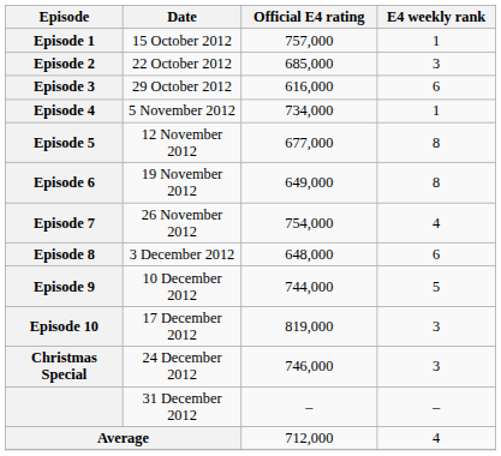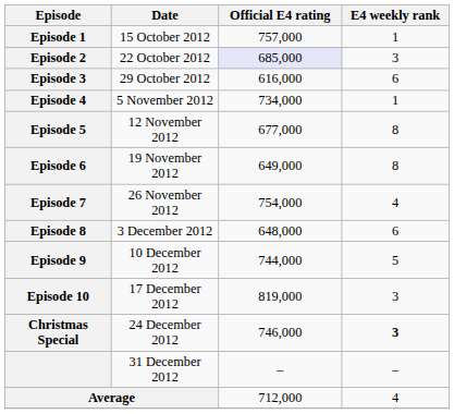 <table class="wikitable sortable" style="text-align:center">
 <tr>
 <th scope="col" style="width:120px;">Episode</th>
 <th scope="col" style="width:120px;">Date</th>
 <th scope="col" style="width:140px;">Official E4 rating</th>
 <th scope="col" style="width:120px;">E4 weekly rank</th>
 </tr>
 <tr>
 <th scope="row">Episode 1</th>
 <td>15 October 2012</td>
 <td>757,000</td>
 <td>1</td>
 </tr>
 <tr>
 <th scope="row">Episode 2</th>
 <td>22 October 2012</td>
-<td>685,000</td>
+<td style="background: lavender;">685,000</td>
 <td>3</td>
 </tr>
 <tr>
 <th scope="row">Episode 3</th>
 <td>29 October 2012</td>
 <td>616,000</td>
 <td>6</td>
 </tr>
 <tr>
 <th scope="row">Episode 4</th>
 <td>5 November 2012</td>
 <td>734,000</td>
 <td>1</td>
 </tr>
 <tr>
 <th scope="row">Episode 5</th>
 <td>12 November 2012</td>
 <td>677,000</td>
 <td>8</td>
 </tr>
 <tr>
 <th scope="row">Episode 6</th>
 <td>19 November 2012</td>
 <td>649,000</td>
 <td>8</td>
 </tr>
 <tr>
 <th scope="row">Episode 7</th>
 <td>26 November 2012</td>
 <td>754,000</td>
 <td>4</td>
 </tr>
 <tr>
 <th scope="row">Episode 8</th>
 <td>3 December 2012</td>
 <td>648,000</td>
 <td>6</td>
 </tr>
 <tr>
 <th scope="row">Episode 9</th>
 <td>10 December 2012</td>
 <td>744,000</td>
 <td>5</td>
 </tr>
 <tr>
 <th scope="row">Episode 10</th>
 <td>17 December 2012</td>
 <td>819,000</td>
 <td>3</td>
 </tr>
 <tr>
 <th scope="row">Christmas Special</th>
 <td>24 December 2012</td>
 <td>746,000</td>
-<td>3</td>
+<td><strong>3</strong></td>
 </tr>
 <tr>
 <th scope="row"></th>
 <td>31 December 2012</td>
 <td>–</td>
 <td>–</td>
 </tr>
 <tr>
 <th scope="row" colspan="2">Average</th>
 <td>712,000</td>
 <td>4</td>
 </tr>
 <tr>
 </tr>
 </table>
